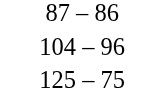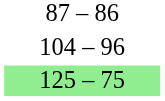 <table style="text-align:center">
 <tr>
 <th width=200></th>
 <th width=100></th>
 <th width=200></th>
 <th></th>
 </tr>
 <tr>
 <td align=right><strong></strong></td>
 <td>87 – 86</td>
 <td align=left></td>
 </tr>
 <tr>
 <td align=right><strong></strong></td>
 <td>104 – 96</td>
 <td align=left></td>
 </tr>
 <tr>
 <td align=right><strong></strong></td>
-<td>125 – 75</td>
+<td style="background: lightgreen;">125 – 75</td>
 <td align=left></td>
 </tr>
 </table>
